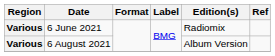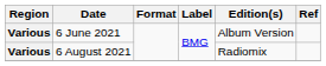 <table class="wikitable plainrowheaders">
 <tr>
 <th scope="col">Region</th>
 <th scope="col">Date</th>
 <th scope="col">Format</th>
 <th scope="col">Label</th>
 <th scope="col">Edition(s)</th>
 <th scope="col">Ref</th>
 </tr>
 <tr>
 <th scope="row">Various</th>
 <td rowspan="1">6 June 2021</td>
 <td rowspan="2"></td>
 <td rowspan="2"><a href='#'>BMG</a></td>
-<td rowspan="1">Radiomix</td>
+<td rowspan="1">Album Version</td>
 <td rowspan="1"></td>
 </tr>
 <tr>
 <th scope="row">Various</th>
 <td rowspan="1">6 August 2021</td>
-<td rowspan="1">Album Version</td>
+<td rowspan="1">Radiomix</td>
 <td rowspan="1"></td>
 </tr>
 <tr>
 </tr>
 </table>
